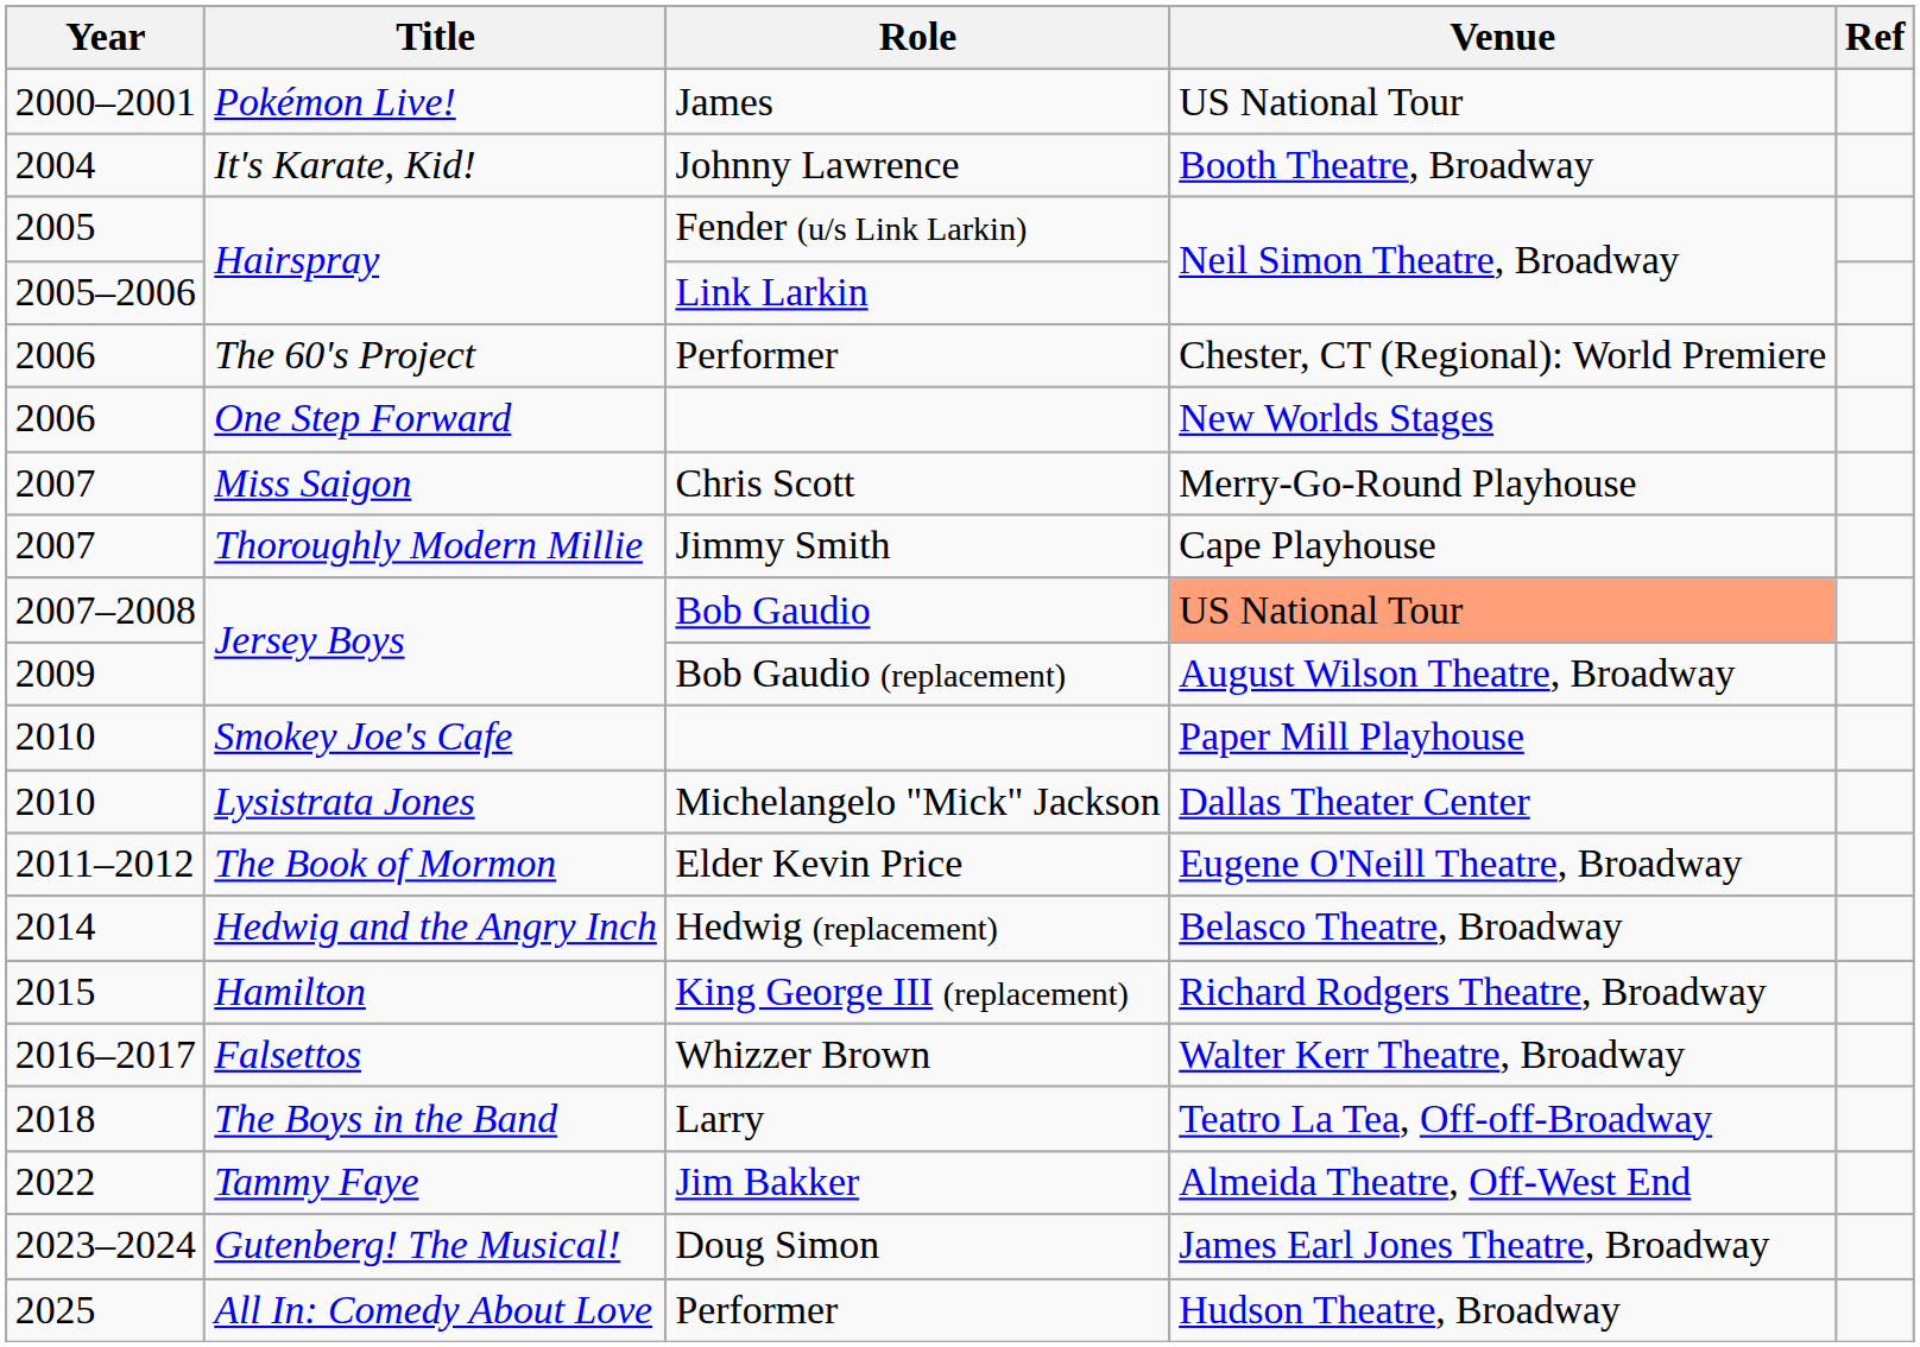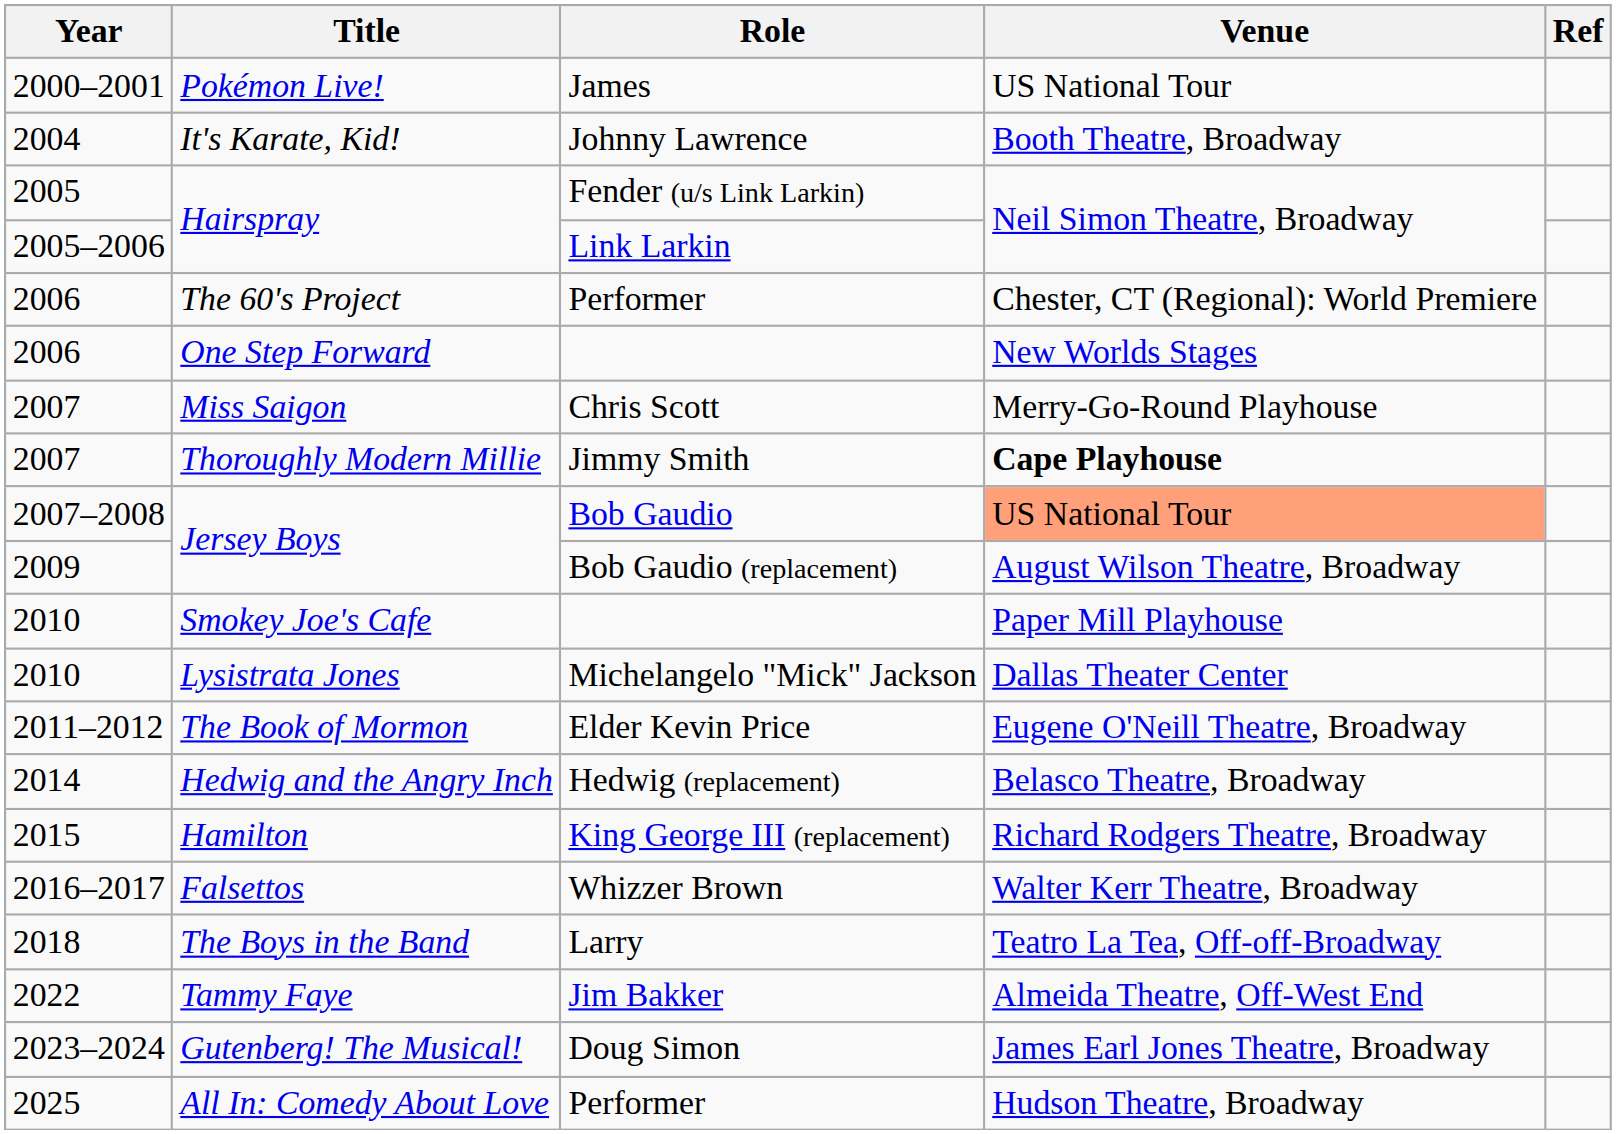 <table class="wikitable sortable">
 <tr>
 <th>Year</th>
 <th>Title</th>
 <th>Role</th>
 <th>Venue</th>
 <th class="unsortable">Ref</th>
 </tr>
 <tr>
 <td>2000–2001</td>
 <td><em><a href='#'>Pokémon Live!</a></em></td>
 <td>James</td>
 <td>US National Tour</td>
 <td></td>
 </tr>
 <tr>
 <td>2004</td>
 <td><em>It's Karate, Kid!</em></td>
 <td>Johnny Lawrence</td>
 <td><a href='#'>Booth Theatre</a>, Broadway</td>
 <td></td>
 </tr>
 <tr>
 <td>2005</td>
 <td rowspan="2"><em><a href='#'>Hairspray</a></em></td>
 <td>Fender <small>(u/s Link Larkin)</small></td>
 <td rowspan="2"><a href='#'>Neil Simon Theatre</a>, Broadway</td>
 <td></td>
 </tr>
 <tr>
 <td>2005–2006</td>
 <td><a href='#'>Link Larkin</a></td>
 <td></td>
 </tr>
 <tr>
 <td>2006</td>
 <td><em>The 60's Project</em></td>
 <td>Performer</td>
 <td>Chester, CT (Regional): World Premiere</td>
 <td></td>
 </tr>
 <tr>
 <td>2006</td>
 <td><em><a href='#'>One Step Forward</a></em></td>
 <td></td>
 <td><a href='#'>New Worlds Stages</a></td>
 <td></td>
 </tr>
 <tr>
 <td>2007</td>
 <td><em><a href='#'>Miss Saigon</a></em></td>
 <td>Chris Scott</td>
 <td>Merry-Go-Round Playhouse</td>
 <td></td>
 </tr>
 <tr>
 <td>2007</td>
 <td><em><a href='#'>Thoroughly Modern Millie</a></em></td>
 <td>Jimmy Smith</td>
-<td>Cape Playhouse</td>
+<td><strong>Cape Playhouse</strong></td>
 <td></td>
 </tr>
 <tr>
 <td>2007–2008</td>
 <td rowspan="2"><em><a href='#'>Jersey Boys</a></em></td>
 <td><a href='#'>Bob Gaudio</a></td>
 <td style="background: lightsalmon;">US National Tour</td>
 <td></td>
 </tr>
 <tr>
 <td>2009</td>
 <td>Bob Gaudio <small>(replacement)</small></td>
 <td><a href='#'>August Wilson Theatre</a>, Broadway</td>
 <td></td>
 </tr>
 <tr>
 <td>2010</td>
 <td><em><a href='#'>Smokey Joe's Cafe</a></em></td>
 <td></td>
 <td><a href='#'>Paper Mill Playhouse</a></td>
 <td></td>
 </tr>
 <tr>
 <td>2010</td>
 <td><em><a href='#'>Lysistrata Jones</a></em></td>
 <td>Michelangelo "Mick" Jackson</td>
 <td><a href='#'>Dallas Theater Center</a></td>
 <td></td>
 </tr>
 <tr>
 <td>2011–2012</td>
 <td><em><a href='#'>The Book of Mormon</a></em></td>
 <td>Elder Kevin Price</td>
 <td><a href='#'>Eugene O'Neill Theatre</a>, Broadway</td>
 <td></td>
 </tr>
 <tr>
 <td>2014</td>
 <td><em><a href='#'>Hedwig and the Angry Inch</a></em></td>
 <td>Hedwig <small>(replacement)</small></td>
 <td><a href='#'>Belasco Theatre</a>, Broadway</td>
 <td></td>
 </tr>
 <tr>
 <td>2015</td>
 <td><em><a href='#'>Hamilton</a></em></td>
 <td><a href='#'>King George III</a> <small>(replacement)</small></td>
 <td><a href='#'>Richard Rodgers Theatre</a>, Broadway</td>
 <td> <br></td>
 </tr>
 <tr>
 <td>2016–2017</td>
 <td><em><a href='#'>Falsettos</a></em></td>
 <td>Whizzer Brown</td>
 <td><a href='#'>Walter Kerr Theatre</a>, Broadway</td>
 <td></td>
 </tr>
 <tr>
 <td>2018</td>
 <td><em><a href='#'>The Boys in the Band</a></em></td>
 <td>Larry</td>
 <td><a href='#'>Teatro La Tea</a>, <a href='#'>Off-off-Broadway</a></td>
 <td></td>
 </tr>
 <tr>
 <td>2022</td>
 <td><em><a href='#'>Tammy Faye</a></em></td>
 <td><a href='#'>Jim Bakker</a></td>
 <td><a href='#'>Almeida Theatre</a>, <a href='#'>Off-West End</a></td>
 <td></td>
 </tr>
 <tr>
 <td>2023–2024</td>
 <td><em><a href='#'>Gutenberg! The Musical!</a></em></td>
 <td>Doug Simon</td>
 <td><a href='#'>James Earl Jones Theatre</a>, Broadway</td>
 <td></td>
 </tr>
 <tr>
 <td>2025</td>
 <td><em><a href='#'>All In: Comedy About Love</a></em></td>
 <td>Performer</td>
 <td><a href='#'>Hudson Theatre</a>, Broadway</td>
 <td></td>
 </tr>
 </table>
